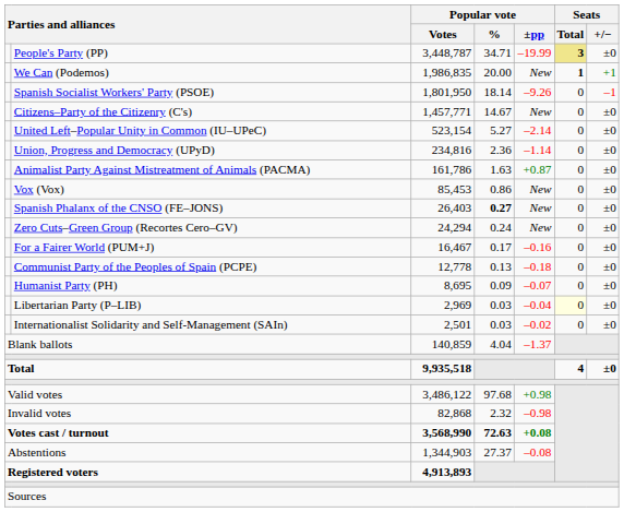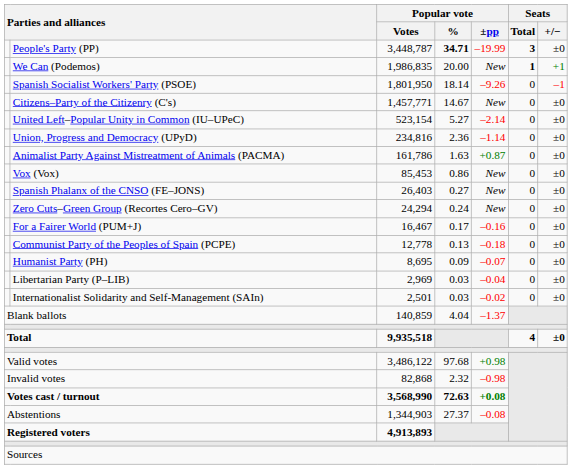 <table class="wikitable" style="text-align:right;">
 <tr>
 <th style="text-align:left;" rowspan="2" colspan="2" width="525">Parties and alliances</th>
 <th colspan="3">Popular vote</th>
 <th colspan="2">Seats</th>
 </tr>
 <tr>
 <th width="75">Votes</th>
 <th width="45">%</th>
 <th width="45">±<a href='#'>pp</a></th>
 <th width="35">Total</th>
 <th width="35">+/−</th>
 </tr>
 <tr>
 <td width="1" style="color:inherit;background:"></td>
 <td align="left"><a href='#'>People's Party</a> (PP)</td>
 <td>3,448,787</td>
-<td>34.71</td>
+<td><strong>34.71</strong></td>
 <td style="color:red;">–19.99</td>
-<td style="background: khaki;"><strong>3</strong></td>
+<td><strong>3</strong></td>
 <td>±0</td>
 </tr>
 <tr>
 <td style="color:inherit;background:"></td>
 <td align="left"><a href='#'>We Can</a> (Podemos)</td>
 <td>1,986,835</td>
 <td>20.00</td>
 <td><em>New</em></td>
 <td><strong>1</strong></td>
 <td style="color:green;">+1</td>
 </tr>
 <tr>
 <td style="color:inherit;background:"></td>
 <td align="left"><a href='#'>Spanish Socialist Workers' Party</a> (PSOE)</td>
 <td>1,801,950</td>
 <td>18.14</td>
 <td style="color:red;">–9.26</td>
 <td>0</td>
 <td style="color:red;">–1</td>
 </tr>
 <tr>
 <td style="color:inherit;background:"></td>
 <td align="left"><a href='#'>Citizens–Party of the Citizenry</a> (C's)</td>
 <td>1,457,771</td>
 <td>14.67</td>
 <td><em>New</em></td>
 <td>0</td>
 <td>±0</td>
 </tr>
 <tr>
 <td style="color:inherit;background:"></td>
 <td align="left"><a href='#'>United Left</a>–<a href='#'>Popular Unity in Common</a> (IU–UPeC)</td>
 <td>523,154</td>
 <td>5.27</td>
 <td style="color:red;">–2.14</td>
 <td>0</td>
 <td>±0</td>
 </tr>
 <tr>
 <td style="color:inherit;background:"></td>
 <td align="left"><a href='#'>Union, Progress and Democracy</a> (UPyD)</td>
 <td>234,816</td>
 <td>2.36</td>
 <td style="color:red;">–1.14</td>
 <td>0</td>
 <td>±0</td>
 </tr>
 <tr>
 <td style="color:inherit;background:"></td>
 <td align="left"><a href='#'>Animalist Party Against Mistreatment of Animals</a> (PACMA)</td>
 <td>161,786</td>
 <td>1.63</td>
 <td style="color:green;">+0.87</td>
 <td>0</td>
 <td>±0</td>
 </tr>
 <tr>
 <td style="color:inherit;background:"></td>
 <td align="left"><a href='#'>Vox</a> (Vox)</td>
 <td>85,453</td>
 <td>0.86</td>
 <td><em>New</em></td>
 <td>0</td>
 <td>±0</td>
 </tr>
 <tr>
 <td style="color:inherit;background:"></td>
 <td align="left"><a href='#'>Spanish Phalanx of the CNSO</a> (FE–JONS)</td>
 <td>26,403</td>
-<td><strong>0.27</strong></td>
+<td>0.27</td>
 <td><em>New</em></td>
 <td>0</td>
 <td>±0</td>
 </tr>
 <tr>
 <td style="color:inherit;background:"></td>
 <td align="left"><a href='#'>Zero Cuts</a>–<a href='#'>Green Group</a> (Recortes Cero–GV)</td>
 <td>24,294</td>
 <td>0.24</td>
 <td><em>New</em></td>
 <td>0</td>
 <td>±0</td>
 </tr>
 <tr>
 <td style="color:inherit;background:"></td>
 <td align="left"><a href='#'>For a Fairer World</a> (PUM+J)</td>
 <td>16,467</td>
 <td>0.17</td>
 <td style="color:red;">–0.16</td>
 <td>0</td>
 <td>±0</td>
 </tr>
 <tr>
 <td style="color:inherit;background:"></td>
 <td align="left"><a href='#'>Communist Party of the Peoples of Spain</a> (PCPE)</td>
 <td>12,778</td>
 <td>0.13</td>
 <td style="color:red;">–0.18</td>
 <td>0</td>
 <td>±0</td>
 </tr>
 <tr>
 <td style="color:inherit;background:"></td>
 <td align="left"><a href='#'>Humanist Party</a> (PH)</td>
 <td>8,695</td>
 <td>0.09</td>
 <td style="color:red;">–0.07</td>
 <td>0</td>
 <td>±0</td>
 </tr>
 <tr>
 <td style="color:inherit;background:"></td>
 <td align="left">Libertarian Party (P–LIB)</td>
 <td>2,969</td>
 <td>0.03</td>
 <td style="color:red;">–0.04</td>
-<td style="background: lightyellow;">0</td>
+<td>0</td>
 <td>±0</td>
 </tr>
 <tr>
 <td style="color:inherit;background:"></td>
 <td align="left">Internationalist Solidarity and Self-Management (SAIn)</td>
 <td>2,501</td>
 <td>0.03</td>
 <td style="color:red;">–0.02</td>
 <td>0</td>
 <td>±0</td>
 </tr>
 <tr>
 <td align="left" colspan="2">Blank ballots</td>
 <td>140,859</td>
 <td>4.04</td>
 <td style="color:red;">–1.37</td>
 <td bgcolor="#E9E9E9" colspan="2"></td>
 </tr>
 <tr>
 <td colspan="7" bgcolor="#E9E9E9"></td>
 </tr>
 <tr style="font-weight:bold;">
 <td align="left" colspan="2">Total</td>
 <td>9,935,518</td>
 <td bgcolor="#E9E9E9" colspan="2"></td>
 <td>4</td>
 <td>±0</td>
 </tr>
 <tr>
 <td colspan="7" bgcolor="#E9E9E9"></td>
 </tr>
 <tr>
 <td align="left" colspan="2">Valid votes</td>
 <td>3,486,122</td>
 <td>97.68</td>
 <td style="color:green;">+0.98</td>
 <td bgcolor="#E9E9E9" colspan="2" rowspan="5"></td>
 </tr>
 <tr>
 <td align="left" colspan="2">Invalid votes</td>
 <td>82,868</td>
 <td>2.32</td>
 <td style="color:red;">–0.98</td>
 </tr>
 <tr style="font-weight:bold;">
 <td align="left" colspan="2">Votes cast / turnout</td>
 <td>3,568,990</td>
 <td>72.63</td>
 <td style="color:green;">+0.08</td>
 </tr>
 <tr>
 <td align="left" colspan="2">Abstentions</td>
 <td>1,344,903</td>
 <td>27.37</td>
 <td style="color:red;">–0.08</td>
 </tr>
 <tr style="font-weight:bold;">
 <td align="left" colspan="2">Registered voters</td>
 <td>4,913,893</td>
 <td bgcolor="#E9E9E9" colspan="2"></td>
 </tr>
 <tr>
 <td colspan="7" bgcolor="#E9E9E9"></td>
 </tr>
 <tr>
 <td align="left" colspan="7">Sources</td>
 </tr>
 </table>
